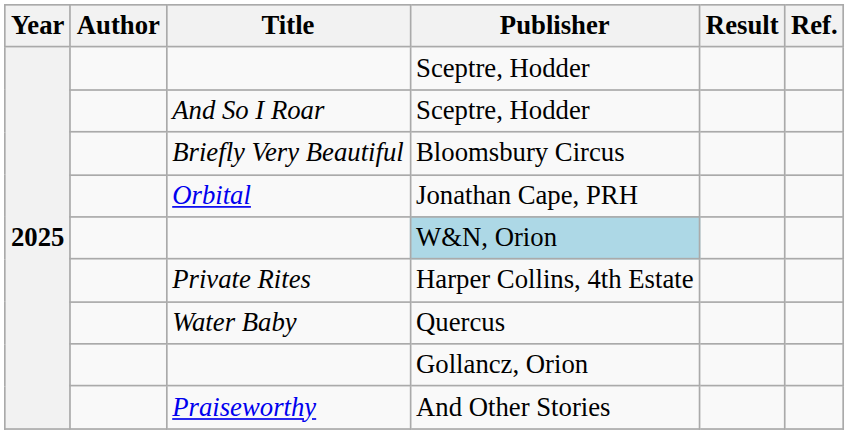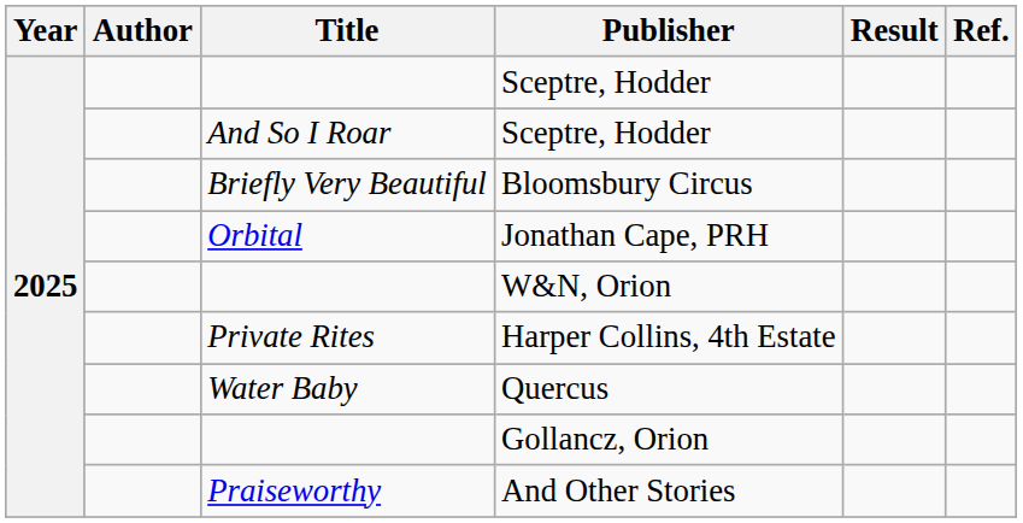 <table class="wikitable sortable">
 <tr>
 <th>Year</th>
 <th>Author</th>
 <th>Title</th>
 <th>Publisher</th>
 <th>Result</th>
 <th>Ref.</th>
 </tr>
 <tr>
 <th rowspan="9">2025</th>
 <td></td>
 <td></td>
 <td>Sceptre, Hodder</td>
 <td></td>
 <td></td>
 </tr>
 <tr>
 <td></td>
 <td><em>And So I Roar</em></td>
 <td>Sceptre, Hodder</td>
 <td></td>
 <td></td>
 </tr>
 <tr>
 <td></td>
 <td><em>Briefly Very Beautiful</em></td>
 <td>Bloomsbury Circus</td>
 <td></td>
 <td></td>
 </tr>
 <tr>
 <td></td>
 <td><em><a href='#'>Orbital</a></em></td>
 <td>Jonathan Cape, PRH</td>
 <td></td>
 <td></td>
 </tr>
 <tr>
 <td></td>
 <td></td>
-<td style="background: lightblue;">W&N, Orion</td>
+<td>W&N, Orion</td>
 <td></td>
 <td></td>
 </tr>
 <tr>
 <td></td>
 <td><em>Private Rites</em></td>
 <td>Harper Collins, 4th Estate</td>
 <td></td>
 <td></td>
 </tr>
 <tr>
 <td></td>
 <td><em>Water Baby</em></td>
 <td>Quercus</td>
 <td></td>
 <td></td>
 </tr>
 <tr>
 <td></td>
 <td></td>
 <td>Gollancz, Orion</td>
 <td></td>
 <td></td>
 </tr>
 <tr>
 <td></td>
 <td><em><a href='#'>Praiseworthy</a></em></td>
 <td>And Other Stories</td>
 <td></td>
 <td></td>
 </tr>
 </table>
